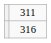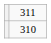 <table class="wikitable">
 <tr>
 <th></th>
 <td style="padding-left: 1em; padding-right: 1em">311</td>
 </tr>
 <tr>
 <th></th>
-<td style="padding-left: 1em; padding-right: 1em">316</td>
+<td style="padding-left: 1em; padding-right: 1em">310</td>
 </tr>
 </table>
